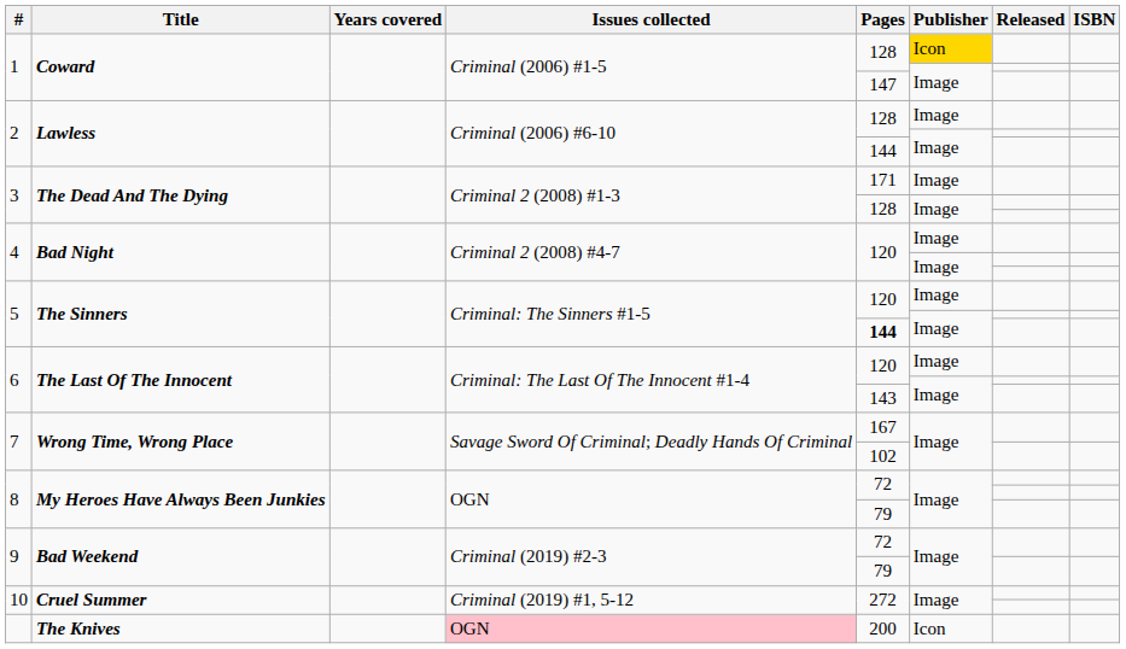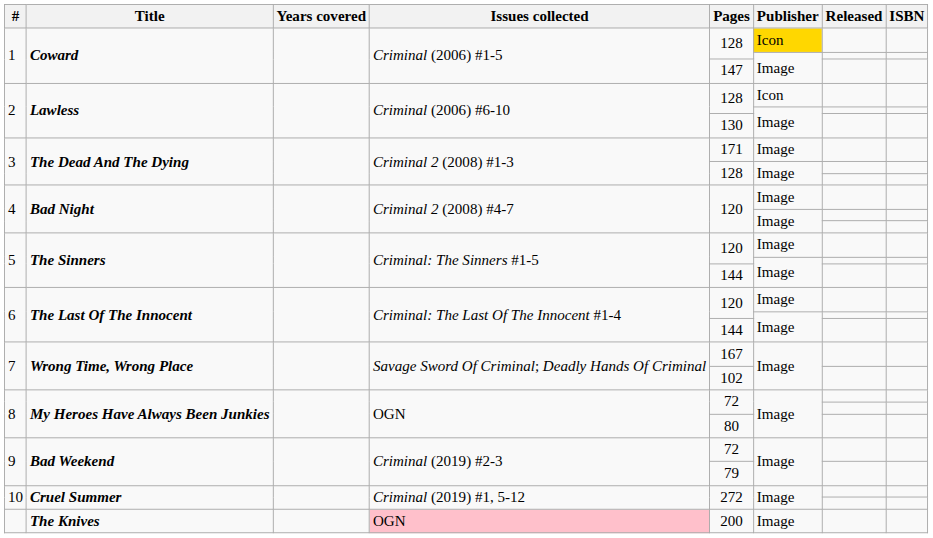 <table class="wikitable sortable">
 <tr>
 <th class="unsortable">#</th>
 <th class="unsortable">Title</th>
 <th>Years covered</th>
 <th class="unsortable">Issues collected</th>
 <th class="unsortable">Pages</th>
 <th>Publisher</th>
 <th>Released</th>
 <th class="unsortable">ISBN</th>
 </tr>
 <tr>
 <td rowspan=3>1</td>
 <td rowspan=3><strong><em>Coward</em></strong></td>
 <td rowspan=3 style="text-align: center;"></td>
 <td rowspan=3><em>Criminal</em> (2006) #1-5</td>
 <td rowspan=2 style="text-align: center;">128</td>
 <td style="background: gold;">Icon</td>
 <td></td>
 <td></td>
 </tr>
 <tr>
 <td rowspan=2>Image</td>
 <td></td>
 <td></td>
 </tr>
 <tr>
 <td style="text-align: center;">147</td>
 <td></td>
 <td></td>
 </tr>
 <tr>
 <td rowspan=3>2</td>
 <td rowspan=3><strong><em>Lawless</em></strong></td>
 <td rowspan=3 style="text-align: center;"></td>
 <td rowspan=3><em>Criminal</em> (2006) #6-10</td>
 <td rowspan=2 style="text-align: center;">128</td>
-<td>Image</td>
+<td>Icon</td>
 <td></td>
 <td></td>
 </tr>
 <tr>
 <td rowspan=2>Image</td>
 <td></td>
 <td></td>
 </tr>
 <tr>
-<td style="text-align: center;">144</td>
+<td style="text-align: center;">130</td>
 <td></td>
 <td></td>
 </tr>
 <tr>
 <td rowspan=3>3</td>
 <td rowspan=3><strong><em>The Dead And The Dying</em></strong></td>
 <td rowspan=3 style="text-align: center;"></td>
 <td rowspan=3><em>Criminal 2</em> (2008) #1-3</td>
 <td style="text-align: center;">171</td>
 <td>Image</td>
 <td></td>
 <td></td>
 </tr>
 <tr>
 <td rowspan=2 style="text-align: center;">128</td>
 <td rowspan=2>Image</td>
 <td></td>
 <td></td>
 </tr>
 <tr>
 <td></td>
 <td></td>
 </tr>
 <tr>
 <td rowspan=3>4</td>
 <td rowspan=3><strong><em>Bad Night</em></strong></td>
 <td rowspan=3 style="text-align: center;"></td>
 <td rowspan=3><em>Criminal 2</em> (2008) #4-7</td>
 <td rowspan=3 style="text-align: center;">120</td>
 <td>Image</td>
 <td></td>
 <td></td>
 </tr>
 <tr>
 <td rowspan=2>Image</td>
 <td></td>
 <td></td>
 </tr>
 <tr>
 <td></td>
 <td></td>
 </tr>
 <tr>
 <td rowspan=3>5</td>
 <td rowspan=3><strong><em>The Sinners</em></strong></td>
 <td rowspan=3 style="text-align: center;"></td>
 <td rowspan=3><em>Criminal: The Sinners</em> #1-5</td>
 <td rowspan=2 style="text-align: center;">120</td>
 <td>Image</td>
 <td></td>
 <td></td>
 </tr>
 <tr>
 <td rowspan=2>Image</td>
 <td></td>
 <td></td>
 </tr>
 <tr>
-<td style="text-align: center;"><strong>144</strong></td>
+<td style="text-align: center;">144</td>
 <td></td>
 <td></td>
 </tr>
 <tr>
 <td rowspan=3>6</td>
 <td rowspan=3><strong><em>The Last Of The Innocent</em></strong></td>
 <td rowspan=3 style="text-align: center;"></td>
 <td rowspan=3><em>Criminal: The Last Of The Innocent</em> #1-4</td>
 <td rowspan=2 style="text-align: center;">120</td>
 <td>Image</td>
 <td></td>
 <td></td>
 </tr>
 <tr>
 <td rowspan=2>Image</td>
 <td></td>
 <td></td>
 </tr>
 <tr>
-<td style="text-align: center;">143</td>
+<td style="text-align: center;">144</td>
 <td></td>
 <td></td>
 </tr>
 <tr>
 <td rowspan=2>7</td>
 <td rowspan=2><strong><em>Wrong Time, Wrong Place</em></strong></td>
 <td rowspan=2 style="text-align: center;"></td>
 <td rowspan=2><em>Savage Sword Of Criminal</em>; <em>Deadly Hands Of Criminal</em></td>
 <td style="text-align: center;">167</td>
 <td rowspan=2>Image</td>
 <td></td>
 <td></td>
 </tr>
 <tr>
 <td style="text-align: center;">102</td>
 <td></td>
 <td></td>
 </tr>
 <tr>
 <td rowspan=3>8</td>
 <td rowspan=3><strong><em>My Heroes Have Always Been Junkies</em></strong></td>
 <td rowspan=3 style="text-align: center;"></td>
 <td rowspan=3>OGN</td>
 <td rowspan=2 style="text-align: center;">72</td>
 <td rowspan=3>Image</td>
 <td></td>
 <td></td>
 </tr>
 <tr>
 <td></td>
 <td></td>
 </tr>
 <tr>
-<td style="text-align: center;">79</td>
+<td style="text-align: center;">80</td>
 <td></td>
 <td></td>
 </tr>
 <tr>
 <td rowspan=2>9</td>
 <td rowspan=2><strong><em>Bad Weekend</em></strong></td>
 <td rowspan=2 style="text-align: center;"></td>
 <td rowspan=2><em>Criminal</em> (2019) #2-3</td>
 <td style="text-align: center;">72</td>
 <td rowspan=2>Image</td>
 <td></td>
 <td></td>
 </tr>
 <tr>
 <td style="text-align: center;">79</td>
 <td></td>
 <td></td>
 </tr>
 <tr>
 <td rowspan=2>10</td>
 <td rowspan=2><strong><em>Cruel Summer</em></strong></td>
 <td rowspan=2 style="text-align: center;"></td>
 <td rowspan=2><em>Criminal</em> (2019) #1, 5-12</td>
 <td rowspan=2 style="text-align: center;">272</td>
 <td rowspan=2>Image</td>
 <td></td>
 <td></td>
 </tr>
 <tr>
 <td></td>
 <td></td>
 </tr>
 <tr>
 <td></td>
 <td><strong><em>The Knives</em></strong></td>
 <td style="text-align: center;"></td>
 <td style="background: pink;">OGN</td>
 <td style="text-align: center;">200</td>
-<td>Icon</td>
+<td>Image</td>
 <td></td>
 <td></td>
 </tr>
 </table>
